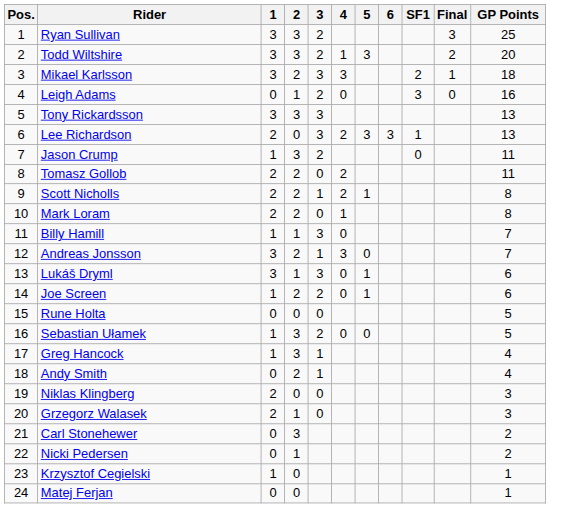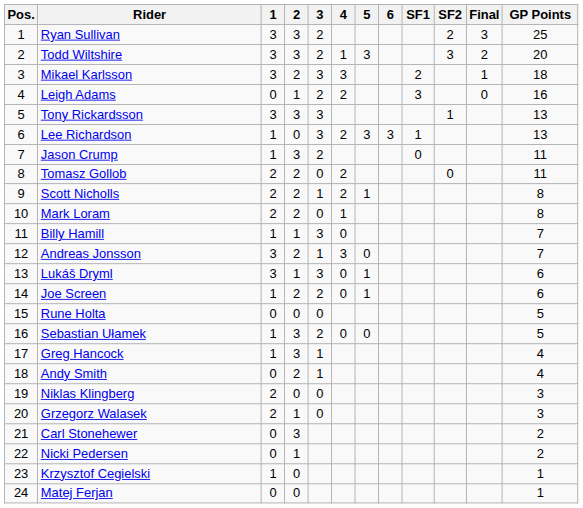 <table class=wikitable style="font-size:93%;">
 <tr>
 <th width=25px>Pos.</th>
 <th width=250px>Rider</th>
 <th width=20px>1</th>
 <th width=20px>2</th>
 <th width=20px>3</th>
 <th width=20px>4</th>
 <th width=20px>5</th>
 <th width=20px>6</th>
 <th width=30px>SF1</th>
+<th width=30px>SF2</th>
 <th width=30px>Final</th>
 <th width=80px>GP Points</th>
 </tr>
 <tr align=center style="background-color:">
 <td>1</td>
 <td align=left> <a href='#'>Ryan Sullivan</a></td>
 <td>3</td>
 <td>3</td>
 <td>2</td>
 <td></td>
 <td></td>
 <td></td>
 <td></td>
+<td>2</td>
 <td>3</td>
 <td>25</td>
 </tr>
 <tr align=center style="background-color:">
 <td>2</td>
 <td align=left> <a href='#'>Todd Wiltshire</a></td>
 <td>3</td>
 <td>3</td>
 <td>2</td>
 <td>1</td>
 <td>3</td>
 <td></td>
 <td></td>
+<td>3</td>
 <td>2</td>
 <td>20</td>
 </tr>
 <tr align=center style="background-color:">
 <td>3</td>
 <td align=left> <a href='#'>Mikael Karlsson</a></td>
 <td>3</td>
 <td>2</td>
 <td>3</td>
 <td>3</td>
 <td></td>
 <td></td>
 <td>2</td>
+<td></td>
 <td>1</td>
 <td>18</td>
 </tr>
 <tr align=center>
 <td>4</td>
 <td align=left> <a href='#'>Leigh Adams</a></td>
 <td>0</td>
 <td>1</td>
 <td>2</td>
-<td>0</td>
+<td>2</td>
 <td></td>
 <td></td>
 <td>3</td>
+<td></td>
 <td>0</td>
 <td>16</td>
 </tr>
 <tr align=center>
 <td>5</td>
 <td align=left> <a href='#'>Tony Rickardsson</a></td>
 <td>3</td>
 <td>3</td>
 <td>3</td>
 <td></td>
 <td></td>
 <td></td>
 <td></td>
+<td>1</td>
 <td></td>
 <td>13</td>
 </tr>
 <tr align=center>
 <td>6</td>
 <td align=left> <a href='#'>Lee Richardson</a></td>
-<td>2</td>
+<td>1</td>
 <td>0</td>
 <td>3</td>
 <td>2</td>
 <td>3</td>
 <td>3</td>
 <td>1</td>
+<td></td>
 <td></td>
 <td>13</td>
 </tr>
 <tr align=center>
 <td>7</td>
 <td align=left> <a href='#'>Jason Crump</a></td>
 <td>1</td>
 <td>3</td>
 <td>2</td>
 <td></td>
 <td></td>
 <td></td>
 <td>0</td>
 <td></td>
+<td></td>
 <td>11</td>
 </tr>
 <tr align=center>
 <td>8</td>
 <td align=left> <a href='#'>Tomasz Gollob</a></td>
 <td>2</td>
 <td>2</td>
 <td>0</td>
 <td>2</td>
 <td></td>
 <td></td>
 <td></td>
+<td>0</td>
 <td></td>
 <td>11</td>
 </tr>
 <tr align=center>
 <td>9</td>
 <td align=left> <a href='#'>Scott Nicholls</a></td>
 <td>2</td>
 <td>2</td>
 <td>1</td>
 <td>2</td>
 <td>1</td>
 <td></td>
 <td></td>
 <td></td>
+<td></td>
 <td>8</td>
 </tr>
 <tr align=center>
 <td>10</td>
 <td align=left> <a href='#'>Mark Loram</a></td>
 <td>2</td>
 <td>2</td>
 <td>0</td>
 <td>1</td>
+<td></td>
 <td></td>
 <td></td>
 <td></td>
 <td></td>
 <td>8</td>
 </tr>
 <tr align=center>
 <td>11</td>
 <td align=left> <a href='#'>Billy Hamill</a></td>
 <td>1</td>
 <td>1</td>
 <td>3</td>
 <td>0</td>
 <td></td>
 <td></td>
 <td></td>
 <td></td>
+<td></td>
 <td>7</td>
 </tr>
 <tr align=center>
 <td>12</td>
 <td align=left> <a href='#'>Andreas Jonsson</a></td>
 <td>3</td>
 <td>2</td>
 <td>1</td>
 <td>3</td>
 <td>0</td>
+<td></td>
 <td></td>
 <td></td>
 <td></td>
 <td>7</td>
 </tr>
 <tr align=center>
 <td>13</td>
 <td align=left> <a href='#'>Lukáš Dryml</a></td>
 <td>3</td>
 <td>1</td>
 <td>3</td>
 <td>0</td>
 <td>1</td>
 <td></td>
 <td></td>
 <td></td>
+<td></td>
 <td>6</td>
 </tr>
 <tr align=center>
 <td>14</td>
 <td align=left> <a href='#'>Joe Screen</a></td>
 <td>1</td>
 <td>2</td>
 <td>2</td>
 <td>0</td>
 <td>1</td>
 <td></td>
 <td></td>
 <td></td>
+<td></td>
 <td>6</td>
 </tr>
 <tr align=center>
 <td>15</td>
 <td align=left> <a href='#'>Rune Holta</a></td>
 <td>0</td>
 <td>0</td>
 <td>0</td>
+<td></td>
 <td></td>
 <td></td>
 <td></td>
 <td></td>
 <td></td>
 <td>5</td>
 </tr>
 <tr align=center>
 <td>16</td>
 <td align=left> <a href='#'>Sebastian Ułamek</a></td>
 <td>1</td>
 <td>3</td>
 <td>2</td>
 <td>0</td>
 <td>0</td>
 <td></td>
 <td></td>
 <td></td>
+<td></td>
 <td>5</td>
 </tr>
 <tr align=center>
 <td>17</td>
 <td align=left> <a href='#'>Greg Hancock</a></td>
 <td>1</td>
 <td>3</td>
 <td>1</td>
+<td></td>
 <td></td>
 <td></td>
 <td></td>
 <td></td>
 <td></td>
 <td>4</td>
 </tr>
 <tr align=center>
 <td>18</td>
 <td align=left> <a href='#'>Andy Smith</a></td>
 <td>0</td>
 <td>2</td>
 <td>1</td>
 <td></td>
 <td></td>
 <td></td>
 <td></td>
 <td></td>
+<td></td>
 <td>4</td>
 </tr>
 <tr align=center>
 <td>19</td>
 <td align=left> <a href='#'>Niklas Klingberg</a></td>
 <td>2</td>
 <td>0</td>
 <td>0</td>
+<td></td>
 <td></td>
 <td></td>
 <td></td>
 <td></td>
 <td></td>
 <td>3</td>
 </tr>
 <tr align=center>
 <td>20</td>
 <td align=left> <a href='#'>Grzegorz Walasek</a></td>
 <td>2</td>
 <td>1</td>
 <td>0</td>
 <td></td>
 <td></td>
 <td></td>
 <td></td>
 <td></td>
+<td></td>
 <td>3</td>
 </tr>
 <tr align=center>
 <td>21</td>
 <td align=left> <a href='#'>Carl Stonehewer</a></td>
 <td>0</td>
 <td>3</td>
+<td></td>
 <td></td>
 <td></td>
 <td></td>
 <td></td>
 <td></td>
 <td></td>
 <td>2</td>
 </tr>
 <tr align=center>
 <td>22</td>
 <td align=left> <a href='#'>Nicki Pedersen</a></td>
 <td>0</td>
 <td>1</td>
 <td></td>
 <td></td>
 <td></td>
 <td></td>
 <td></td>
 <td></td>
+<td></td>
 <td>2</td>
 </tr>
 <tr align=center>
 <td>23</td>
 <td align=left> <a href='#'>Krzysztof Cegielski</a></td>
 <td>1</td>
 <td>0</td>
+<td></td>
 <td></td>
 <td></td>
 <td></td>
 <td></td>
 <td></td>
 <td></td>
 <td>1</td>
 </tr>
 <tr align=center>
 <td>24</td>
 <td align=left> <a href='#'>Matej Ferjan</a></td>
 <td>0</td>
 <td>0</td>
 <td></td>
 <td></td>
 <td></td>
 <td></td>
 <td></td>
 <td></td>
+<td></td>
 <td>1</td>
 </tr>
 </table>
